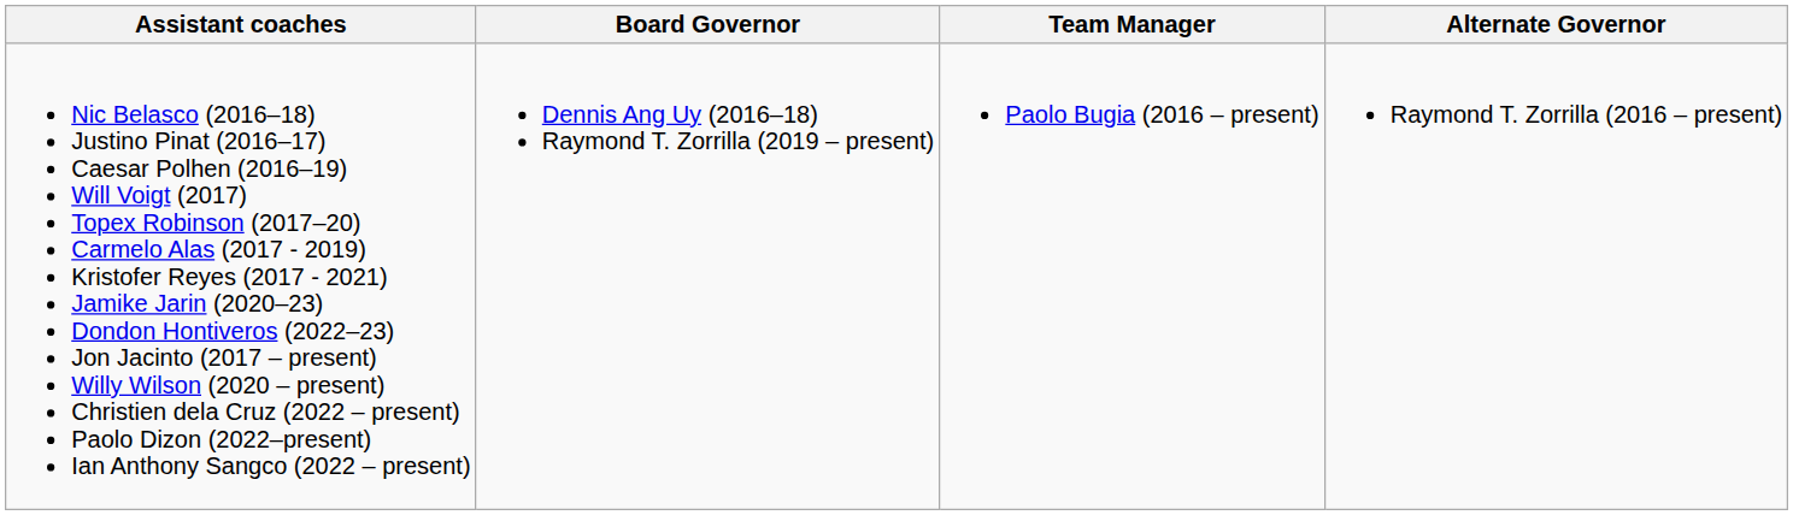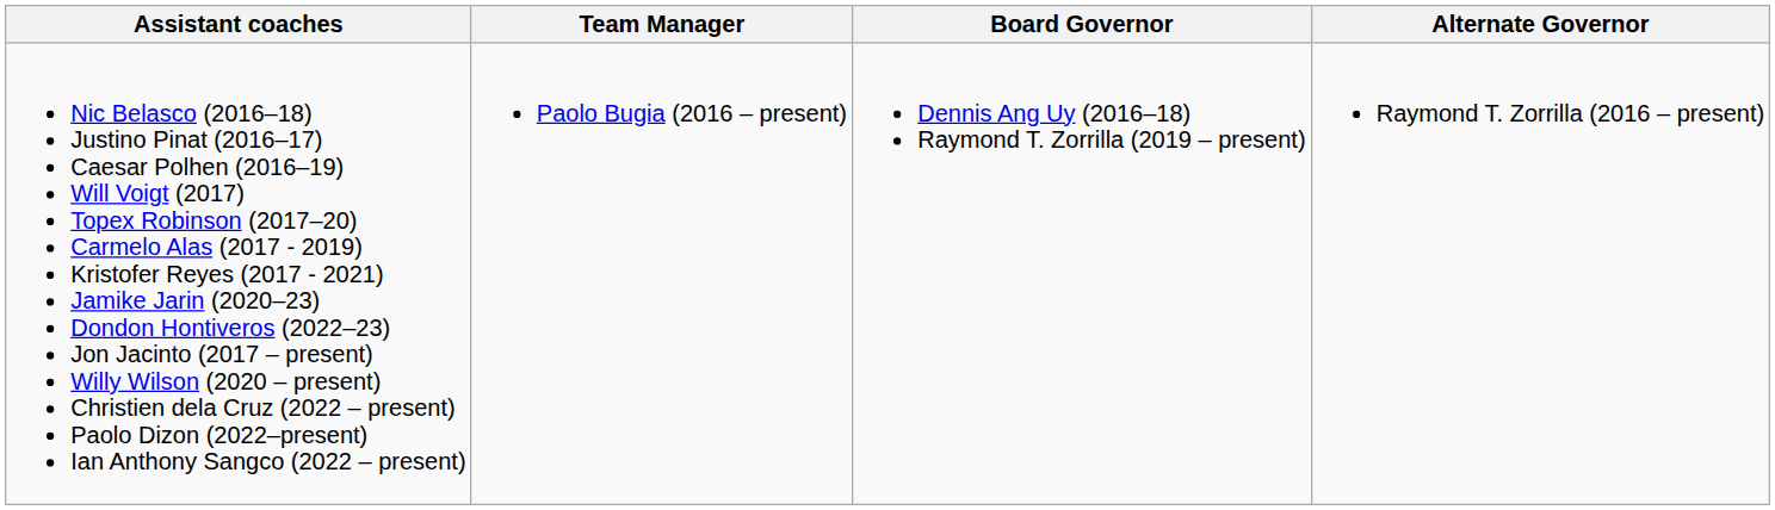 <table class=wikitable>
 <tr>
 <th>Assistant coaches</th>
+<th>Team Manager</th>
 <th>Board Governor</th>
-<th>Team Manager</th>
 <th>Alternate Governor</th>
 </tr>
 <tr>
 <td valign="top"><br><ul><li><a href='#'>Nic Belasco</a> (2016–18)</li><li>Justino Pinat (2016–17)</li><li>Caesar Polhen (2016–19)</li><li><a href='#'>Will Voigt</a> (2017)</li><li><a href='#'>Topex Robinson</a> (2017–20)</li><li><a href='#'>Carmelo Alas</a> (2017 - 2019)</li><li>Kristofer Reyes (2017 - 2021)</li><li><a href='#'>Jamike Jarin</a> (2020–23)</li><li><a href='#'>Dondon Hontiveros</a> (2022–23)</li><li>Jon Jacinto (2017 – present)</li><li><a href='#'>Willy Wilson</a> (2020 – present)</li><li>Christien dela Cruz (2022 – present)</li><li>Paolo Dizon (2022–present)</li><li>Ian Anthony Sangco (2022 – present)</li></ul></td>
+<td valign="top"><br><ul><li><a href='#'>Paolo Bugia</a> (2016 – present)</li></ul></td>
 <td valign="top"><br><ul><li><a href='#'>Dennis Ang Uy</a> (2016–18)</li><li>Raymond T. Zorrilla (2019 – present)</li></ul></td>
-<td valign="top"><br><ul><li><a href='#'>Paolo Bugia</a> (2016 – present)</li></ul></td>
 <td valign="top"><br><ul><li>Raymond T. Zorrilla (2016 – present)</li></ul></td>
 </tr>
 </table>
